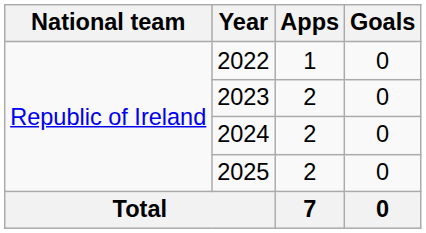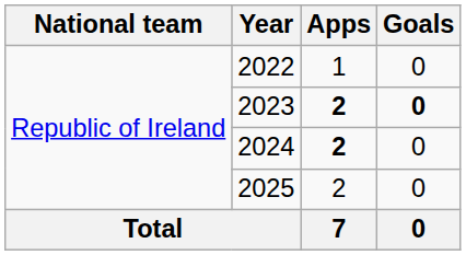 <table class=wikitable style=text-align:center>
 <tr>
 <th>National team</th>
 <th>Year</th>
 <th>Apps</th>
 <th>Goals</th>
 </tr>
 <tr>
 <td rowspan="4"><a href='#'>Republic of Ireland</a></td>
 <td>2022</td>
 <td>1</td>
 <td>0</td>
 </tr>
 <tr>
 <td>2023</td>
-<td>2</td>
-<td>0</td>
+<td><strong>2</strong></td>
+<td><strong>0</strong></td>
 </tr>
 <tr>
 <td>2024</td>
-<td>2</td>
+<td><strong>2</strong></td>
 <td>0</td>
 </tr>
 <tr>
 <td>2025</td>
 <td>2</td>
 <td>0</td>
 </tr>
 <tr>
 <th colspan="2">Total</th>
 <th>7</th>
 <th>0</th>
 </tr>
 </table>
